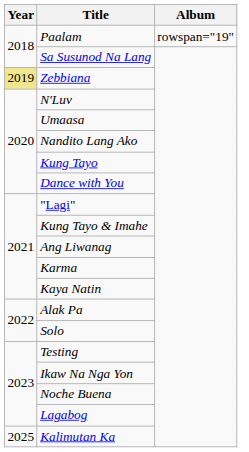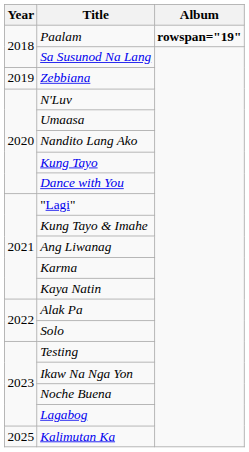 <table class="wikitable mw-collapsible">
 <tr>
 <th>Year</th>
 <th>Title</th>
 <th>Album</th>
 </tr>
 <tr>
 <td rowspan="2">2018</td>
 <td><em>Paalam</em><br></td>
-<td>rowspan="19" </td>
+<td><strong>rowspan="19" </strong></td>
 </tr>
 <tr>
 <td><em><a href='#'>Sa Susunod Na Lang</a></em><br></td>
 </tr>
 <tr>
-<td style="background: khaki;">2019</td>
+<td>2019</td>
 <td><em><a href='#'>Zebbiana</a></em></td>
 </tr>
 <tr>
 <td rowspan="5">2020</td>
 <td><em>N'Luv</em><br></td>
 </tr>
 <tr>
 <td><em>Umaasa</em></td>
 </tr>
 <tr>
 <td><em>Nandito Lang Ako</em><br></td>
 </tr>
 <tr>
 <td><em><a href='#'>Kung Tayo</a></em></td>
 </tr>
 <tr>
 <td><em><a href='#'>Dance with You</a></em><br></td>
 </tr>
 <tr>
 <td rowspan="5">2021</td>
 <td>"<a href='#'>Lagi</a>"</td>
 </tr>
 <tr>
 <td><em>Kung Tayo & Imahe</em><br></td>
 </tr>
 <tr>
 <td><em>Ang Liwanag</em><br></td>
 </tr>
 <tr>
 <td><em>Karma</em><br></td>
 </tr>
 <tr>
 <td><em>Kaya Natin</em></td>
 </tr>
 <tr>
 <td rowspan="2">2022</td>
 <td><em>Alak Pa</em> <br></td>
 </tr>
 <tr>
 <td><em>Solo</em></td>
 </tr>
 <tr>
 <td rowspan="4">2023</td>
 <td><em>Testing</em></td>
 </tr>
 <tr>
 <td><em>Ikaw Na Nga Yon</em> <br></td>
 </tr>
 <tr>
 <td><em>Noche Buena</em></td>
 </tr>
 <tr>
 <td><em><a href='#'>Lagabog</a></em> <br></td>
 </tr>
 <tr>
 <td rowspan="4">2025</td>
 <td><em><a href='#'>Kalimutan Ka</a></em></td>
 </tr>
 </table>
